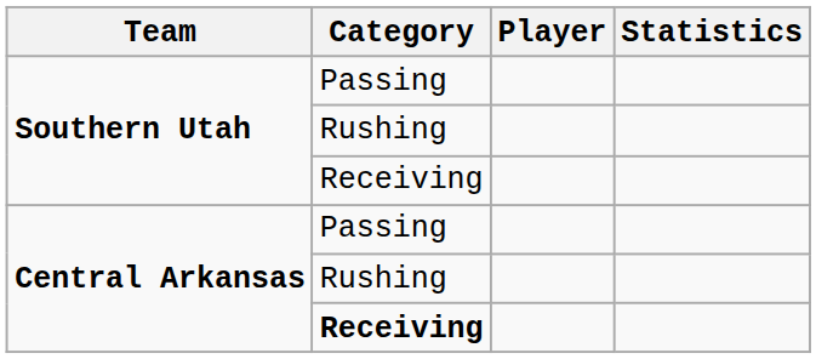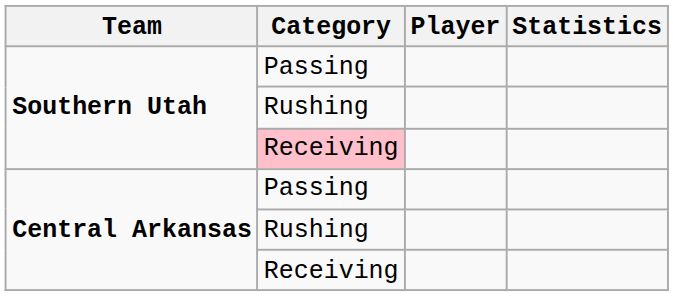 <table class="wikitable" style="float: right;">
 <tr>
 <th>Team</th>
 <th>Category</th>
 <th>Player</th>
 <th>Statistics</th>
 </tr>
 <tr>
 <td rowspan=3><strong>Southern Utah</strong></td>
 <td>Passing</td>
 <td></td>
 <td></td>
 </tr>
 <tr>
 <td>Rushing</td>
 <td></td>
 <td></td>
 </tr>
 <tr>
-<td>Receiving</td>
+<td style="background: pink;">Receiving</td>
 <td></td>
 <td></td>
 </tr>
 <tr>
 <td rowspan=3><strong>Central Arkansas</strong></td>
 <td>Passing</td>
 <td></td>
 <td></td>
 </tr>
 <tr>
 <td>Rushing</td>
 <td></td>
 <td></td>
 </tr>
 <tr>
-<td><strong>Receiving</strong></td>
+<td>Receiving</td>
 <td></td>
 <td></td>
 </tr>
 </table>
